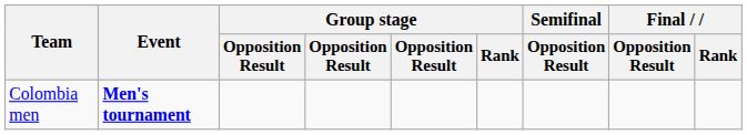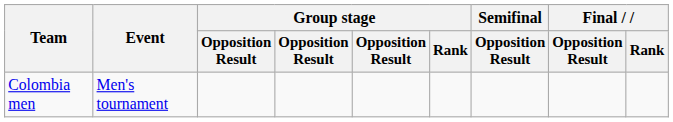 <table class=wikitable style=font-size:90%;text-align:center>
 <tr>
 <th rowspan=2>Team</th>
 <th rowspan=2>Event</th>
 <th colspan=4>Group stage</th>
 <th>Semifinal</th>
 <th colspan=2>Final /  / </th>
 </tr>
 <tr style=font-size:95%>
 <th>Opposition<br>Result</th>
 <th>Opposition<br>Result</th>
 <th>Opposition<br>Result</th>
 <th>Rank</th>
 <th>Opposition<br>Result</th>
 <th>Opposition<br>Result</th>
 <th>Rank</th>
 </tr>
 <tr>
 <td align=left><a href='#'>Colombia men</a></td>
-<td align=left><strong><a href='#'>Men's tournament</a></strong></td>
+<td align=left><a href='#'>Men's tournament</a></td>
 <td></td>
 <td></td>
 <td></td>
 <td></td>
 <td></td>
 <td></td>
 <td></td>
 </tr>
 </table>
